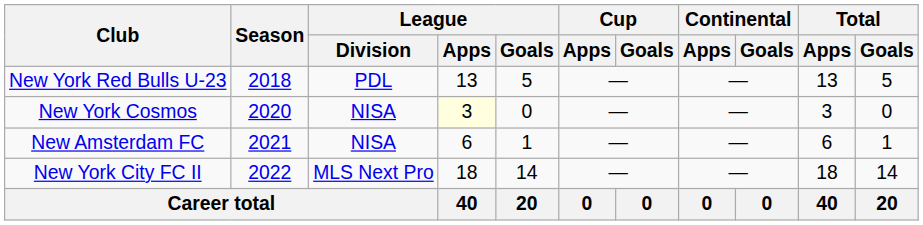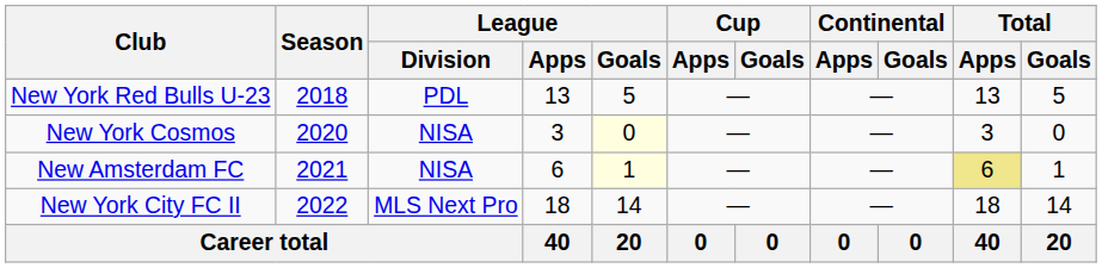 <table class="wikitable" style="text-align:center">
 <tr>
 <th rowspan="2">Club</th>
 <th rowspan="2">Season</th>
 <th colspan="3">League</th>
 <th colspan="2">Cup</th>
 <th colspan="2">Continental</th>
 <th colspan="2">Total</th>
 </tr>
 <tr>
 <th>Division</th>
 <th>Apps</th>
 <th>Goals</th>
 <th>Apps</th>
 <th>Goals</th>
 <th>Apps</th>
 <th>Goals</th>
 <th>Apps</th>
 <th>Goals</th>
 </tr>
 <tr>
 <td><a href='#'>New York Red Bulls U-23</a></td>
 <td><a href='#'>2018</a></td>
 <td><a href='#'>PDL</a></td>
 <td>13</td>
 <td>5</td>
 <td colspan=2>—</td>
 <td colspan=2>—</td>
 <td>13</td>
 <td>5</td>
 </tr>
 <tr>
 <td><a href='#'>New York Cosmos</a></td>
 <td><a href='#'>2020</a></td>
 <td><a href='#'>NISA</a></td>
-<td style="background: lightyellow;">3</td>
-<td>0</td>
+<td>3</td>
+<td style="background: lightyellow;">0</td>
 <td colspan=2>—</td>
 <td colspan=2>—</td>
 <td>3</td>
 <td>0</td>
 </tr>
 <tr>
 <td><a href='#'>New Amsterdam FC</a></td>
 <td><a href='#'>2021</a></td>
 <td><a href='#'>NISA</a></td>
 <td>6</td>
-<td>1</td>
+<td style="background: lightyellow;">1</td>
 <td colspan=2>—</td>
 <td colspan=2>—</td>
-<td>6</td>
+<td style="background: khaki;">6</td>
 <td>1</td>
 </tr>
 <tr>
 <td><a href='#'>New York City FC II</a></td>
 <td><a href='#'>2022</a></td>
 <td><a href='#'>MLS Next Pro</a></td>
 <td>18</td>
 <td>14</td>
 <td colspan=2>—</td>
 <td colspan=2>—</td>
 <td>18</td>
 <td>14</td>
 </tr>
 <tr>
 <th colspan="3">Career total</th>
 <th>40</th>
 <th>20</th>
 <th>0</th>
 <th>0</th>
 <th>0</th>
 <th>0</th>
 <th>40</th>
 <th>20</th>
 </tr>
 </table>
